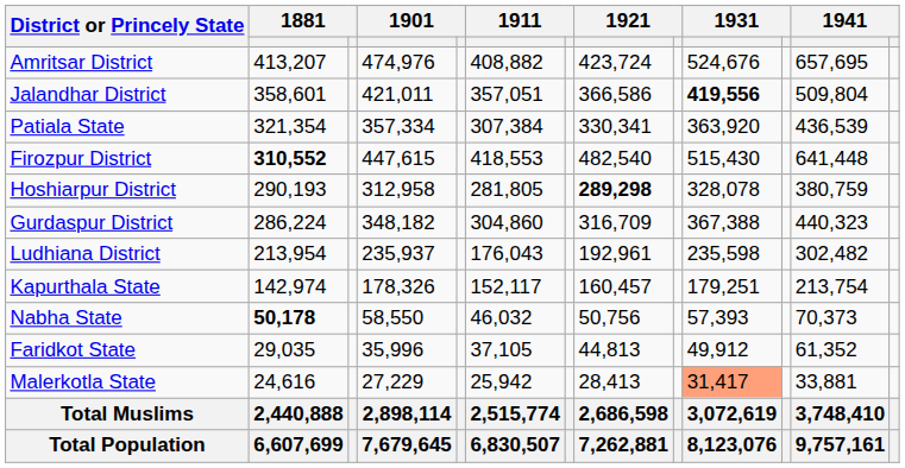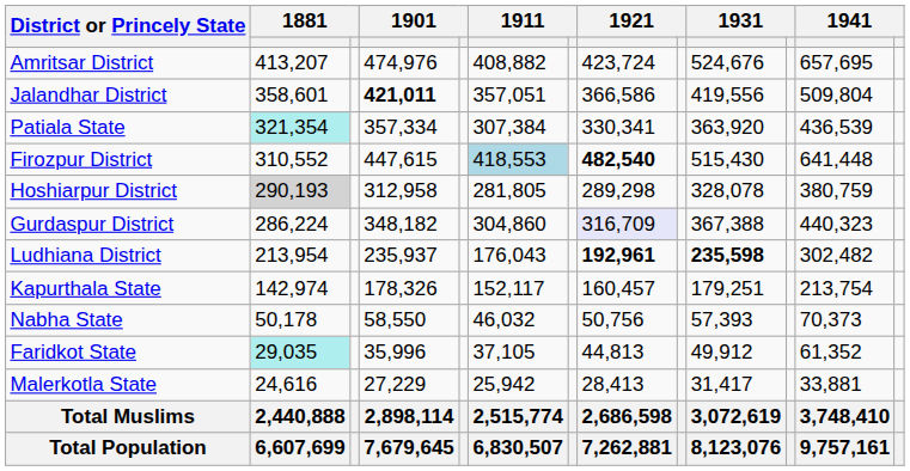 <table class="wikitable sortable mw-collapsible">
 <tr>
 <th rowspan="2"><a href='#'>District</a> or <a href='#'>Princely State</a></th>
 <th colspan="2">1881</th>
 <th colspan="2">1901</th>
 <th colspan="2">1911</th>
 <th colspan="2">1921</th>
 <th colspan="2">1931</th>
 <th colspan="2">1941</th>
 </tr>
 <tr>
 <th><a href='#'></a></th>
 <th></th>
 <th></th>
 <th></th>
 <th></th>
 <th></th>
 <th></th>
 <th></th>
 <th></th>
 <th></th>
 <th></th>
 <th></th>
 </tr>
 <tr>
 <td><a href='#'>Amritsar District</a></td>
 <td>413,207</td>
 <td></td>
 <td>474,976</td>
 <td></td>
 <td>408,882</td>
 <td></td>
 <td>423,724</td>
 <td></td>
 <td>524,676</td>
 <td></td>
 <td>657,695</td>
 <td></td>
 </tr>
 <tr>
 <td><a href='#'>Jalandhar District</a></td>
 <td>358,601</td>
 <td></td>
-<td>421,011</td>
+<td><strong>421,011</strong></td>
 <td></td>
 <td>357,051</td>
 <td></td>
 <td>366,586</td>
 <td></td>
-<td><strong>419,556</strong></td>
+<td>419,556</td>
 <td></td>
 <td>509,804</td>
 <td></td>
 </tr>
 <tr>
 <td><a href='#'>Patiala State</a></td>
-<td>321,354</td>
+<td style="background: paleturquoise;">321,354</td>
 <td></td>
 <td>357,334</td>
 <td></td>
 <td>307,384</td>
 <td></td>
 <td>330,341</td>
 <td></td>
 <td>363,920</td>
 <td></td>
 <td>436,539</td>
 <td></td>
 </tr>
 <tr>
 <td><a href='#'>Firozpur District</a></td>
-<td><strong>310,552</strong></td>
+<td>310,552</td>
 <td></td>
 <td>447,615</td>
 <td></td>
-<td>418,553</td>
+<td style="background: lightblue;">418,553</td>
 <td></td>
-<td>482,540</td>
+<td><strong>482,540</strong></td>
 <td></td>
 <td>515,430</td>
 <td></td>
 <td>641,448</td>
 <td></td>
 </tr>
 <tr>
 <td><a href='#'>Hoshiarpur District</a></td>
-<td>290,193</td>
+<td style="background: lightgrey;">290,193</td>
 <td></td>
 <td>312,958</td>
 <td></td>
 <td>281,805</td>
 <td></td>
-<td><strong>289,298</strong></td>
+<td>289,298</td>
 <td></td>
 <td>328,078</td>
 <td></td>
 <td>380,759</td>
 <td></td>
 </tr>
 <tr>
 <td><a href='#'>Gurdaspur District</a></td>
 <td>286,224</td>
 <td></td>
 <td>348,182</td>
 <td></td>
 <td>304,860</td>
 <td></td>
-<td>316,709</td>
+<td style="background: lavender;">316,709</td>
 <td></td>
 <td>367,388</td>
 <td></td>
 <td>440,323</td>
 <td></td>
 </tr>
 <tr>
 <td><a href='#'>Ludhiana District</a></td>
 <td>213,954</td>
 <td></td>
 <td>235,937</td>
 <td></td>
 <td>176,043</td>
 <td></td>
-<td>192,961</td>
+<td><strong>192,961</strong></td>
 <td></td>
-<td>235,598</td>
+<td><strong>235,598</strong></td>
 <td></td>
 <td>302,482</td>
 <td></td>
 </tr>
 <tr>
 <td><a href='#'>Kapurthala State</a></td>
 <td>142,974</td>
 <td></td>
 <td>178,326</td>
 <td></td>
 <td>152,117</td>
 <td></td>
 <td>160,457</td>
 <td></td>
 <td>179,251</td>
 <td></td>
 <td>213,754</td>
 <td></td>
 </tr>
 <tr>
 <td><a href='#'>Nabha State</a></td>
-<td><strong>50,178</strong></td>
+<td>50,178</td>
 <td></td>
 <td>58,550</td>
 <td></td>
 <td>46,032</td>
 <td></td>
 <td>50,756</td>
 <td></td>
 <td>57,393</td>
 <td></td>
 <td>70,373</td>
 <td></td>
 </tr>
 <tr>
 <td><a href='#'>Faridkot State</a></td>
-<td>29,035</td>
+<td style="background: paleturquoise;">29,035</td>
 <td></td>
 <td>35,996</td>
 <td></td>
 <td>37,105</td>
 <td></td>
 <td>44,813</td>
 <td></td>
 <td>49,912</td>
 <td></td>
 <td>61,352</td>
 <td></td>
 </tr>
 <tr>
 <td><a href='#'>Malerkotla State</a></td>
 <td>24,616</td>
 <td></td>
 <td>27,229</td>
 <td></td>
 <td>25,942</td>
 <td></td>
 <td>28,413</td>
 <td></td>
-<td style="background: lightsalmon;">31,417</td>
+<td>31,417</td>
 <td></td>
 <td>33,881</td>
 <td></td>
 </tr>
 <tr>
 <th>Total Muslims</th>
 <th>2,440,888</th>
 <th></th>
 <th>2,898,114</th>
 <th></th>
 <th>2,515,774</th>
 <th></th>
 <th>2,686,598</th>
 <th></th>
 <th>3,072,619</th>
 <th></th>
 <th>3,748,410</th>
 <th></th>
 </tr>
 <tr>
 <th>Total Population</th>
 <th>6,607,699</th>
 <th></th>
 <th>7,679,645</th>
 <th></th>
 <th>6,830,507</th>
 <th></th>
 <th>7,262,881</th>
 <th></th>
 <th>8,123,076</th>
 <th></th>
 <th>9,757,161</th>
 <th></th>
 </tr>
 </table>
